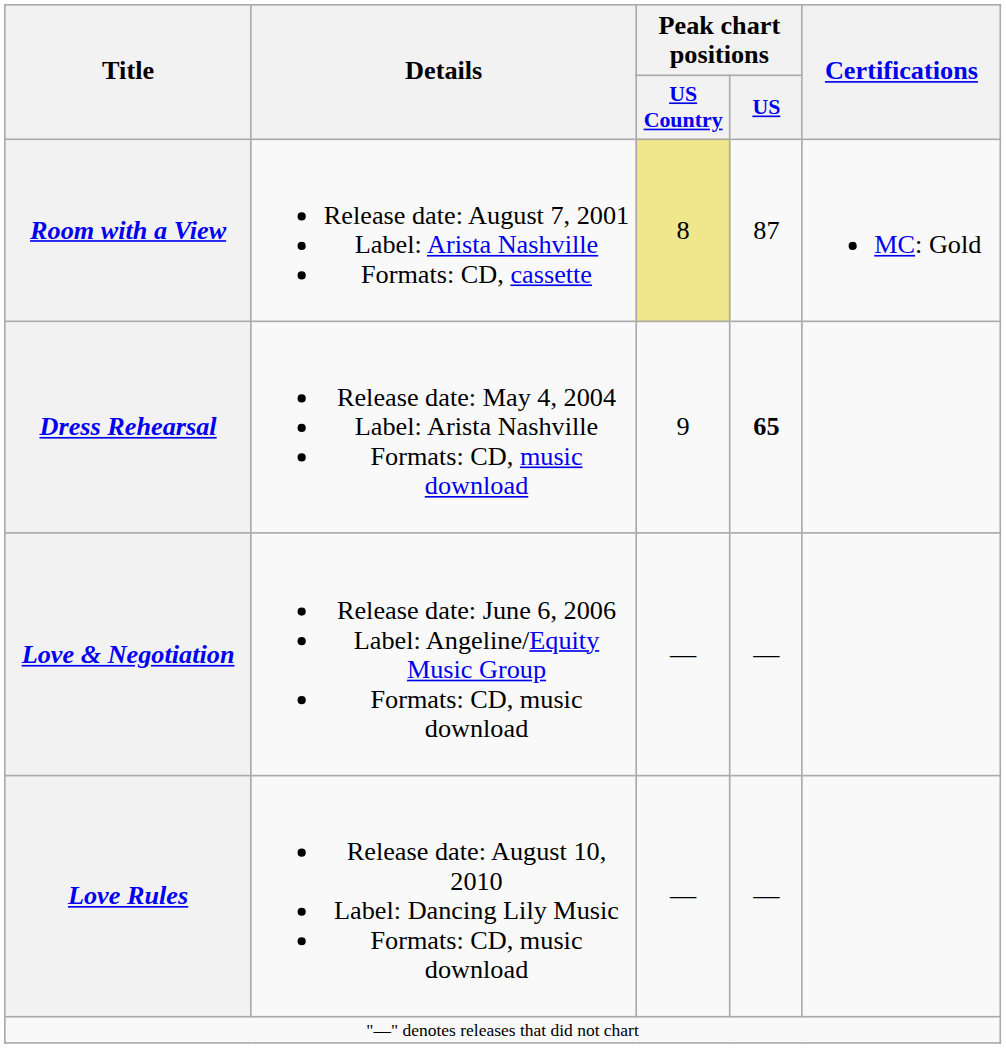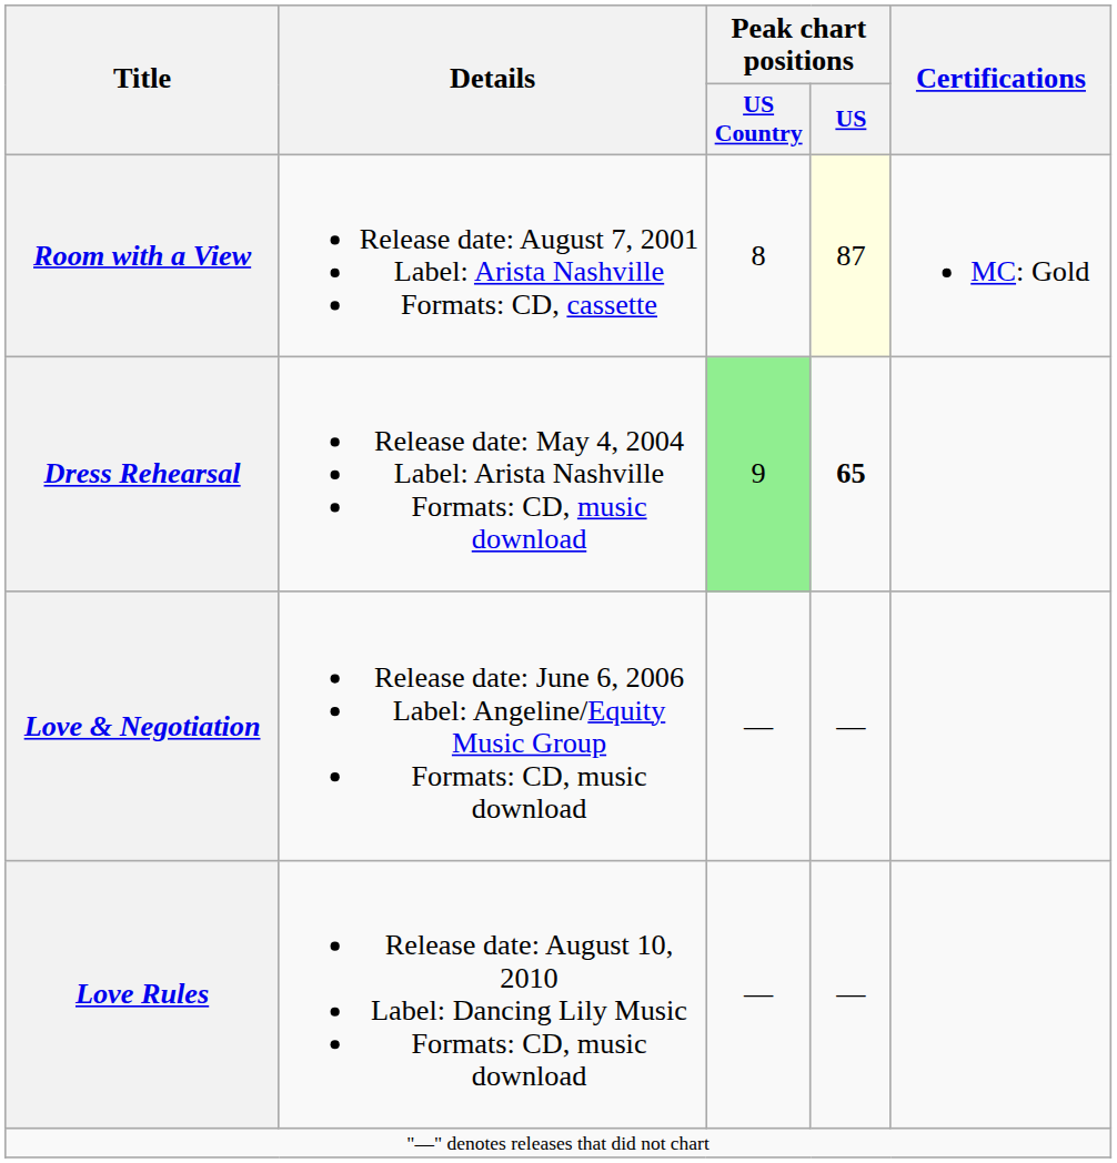 <table class="wikitable plainrowheaders" style="text-align:center;">
 <tr>
 <th rowspan="2" style="width:12em;">Title</th>
 <th rowspan="2" style="width:18em;">Details</th>
 <th colspan="2">Peak chart<br>positions</th>
 <th rowspan="2" style="width:8em;"><a href='#'>Certifications</a><br></th>
 </tr>
 <tr style="font-size:smaller;">
 <th style="width:4em;"><a href='#'>US Country</a><br></th>
 <th style="width:4em;"><a href='#'>US</a><br></th>
 </tr>
 <tr>
 <th scope="row"><em><a href='#'>Room with a View</a></em></th>
 <td><br><ul><li>Release date: August 7, 2001</li><li>Label: <a href='#'>Arista Nashville</a></li><li>Formats: CD, <a href='#'>cassette</a></li></ul></td>
-<td style="background: khaki;">8</td>
-<td>87</td>
+<td>8</td>
+<td style="background: lightyellow;">87</td>
 <td style="text-align:left;"><br><ul><li><a href='#'>MC</a>: Gold</li></ul></td>
 </tr>
 <tr>
 <th scope="row"><em><a href='#'>Dress Rehearsal</a></em></th>
 <td><br><ul><li>Release date: May 4, 2004</li><li>Label: Arista Nashville</li><li>Formats: CD, <a href='#'>music download</a></li></ul></td>
-<td>9</td>
+<td style="background: lightgreen;">9</td>
 <td><strong>65</strong></td>
 <td></td>
 </tr>
 <tr>
 <th scope="row"><em><a href='#'>Love & Negotiation</a></em></th>
 <td><br><ul><li>Release date: June 6, 2006</li><li>Label: Angeline/<a href='#'>Equity Music Group</a></li><li>Formats: CD, music download</li></ul></td>
 <td>—</td>
 <td>—</td>
 <td></td>
 </tr>
 <tr>
 <th scope="row"><em><a href='#'>Love Rules</a></em></th>
 <td><br><ul><li>Release date: August 10, 2010</li><li>Label: Dancing Lily Music</li><li>Formats: CD, music download</li></ul></td>
 <td>—</td>
 <td>—</td>
 <td></td>
 </tr>
 <tr>
 <td colspan="10" style="font-size:8pt">"—" denotes releases that did not chart</td>
 </tr>
 </table>
